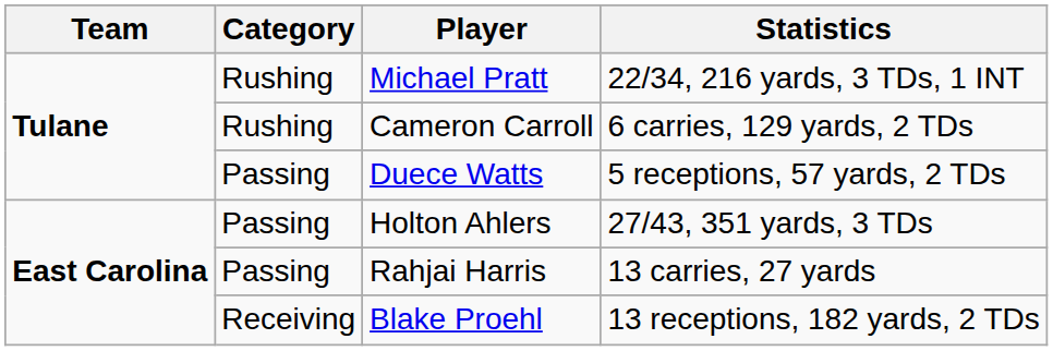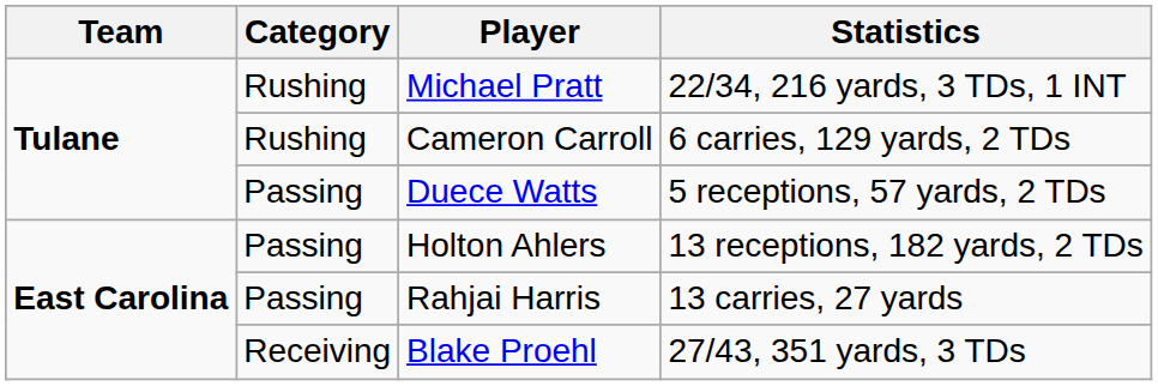 <table class="wikitable" style="float: left;">
 <tr>
 <th>Team</th>
 <th>Category</th>
 <th>Player</th>
 <th>Statistics</th>
 </tr>
 <tr>
 <td rowspan=3><strong>Tulane</strong></td>
 <td>Rushing</td>
 <td><a href='#'>Michael Pratt</a></td>
 <td>22/34, 216 yards, 3 TDs, 1 INT</td>
 </tr>
 <tr>
 <td>Rushing</td>
 <td>Cameron Carroll</td>
 <td>6 carries, 129 yards, 2 TDs</td>
 </tr>
 <tr>
 <td>Passing</td>
 <td><a href='#'>Duece Watts</a></td>
 <td>5 receptions, 57 yards, 2 TDs</td>
 </tr>
 <tr>
 <td rowspan=3><strong>East Carolina</strong></td>
 <td>Passing</td>
 <td>Holton Ahlers</td>
-<td>27/43, 351 yards, 3 TDs</td>
+<td>13 receptions, 182 yards, 2 TDs</td>
 </tr>
 <tr>
 <td>Passing</td>
 <td>Rahjai Harris</td>
 <td>13 carries, 27 yards</td>
 </tr>
 <tr>
 <td>Receiving</td>
 <td><a href='#'>Blake Proehl</a></td>
-<td>13 receptions, 182 yards, 2 TDs</td>
+<td>27/43, 351 yards, 3 TDs</td>
 </tr>
 </table>
